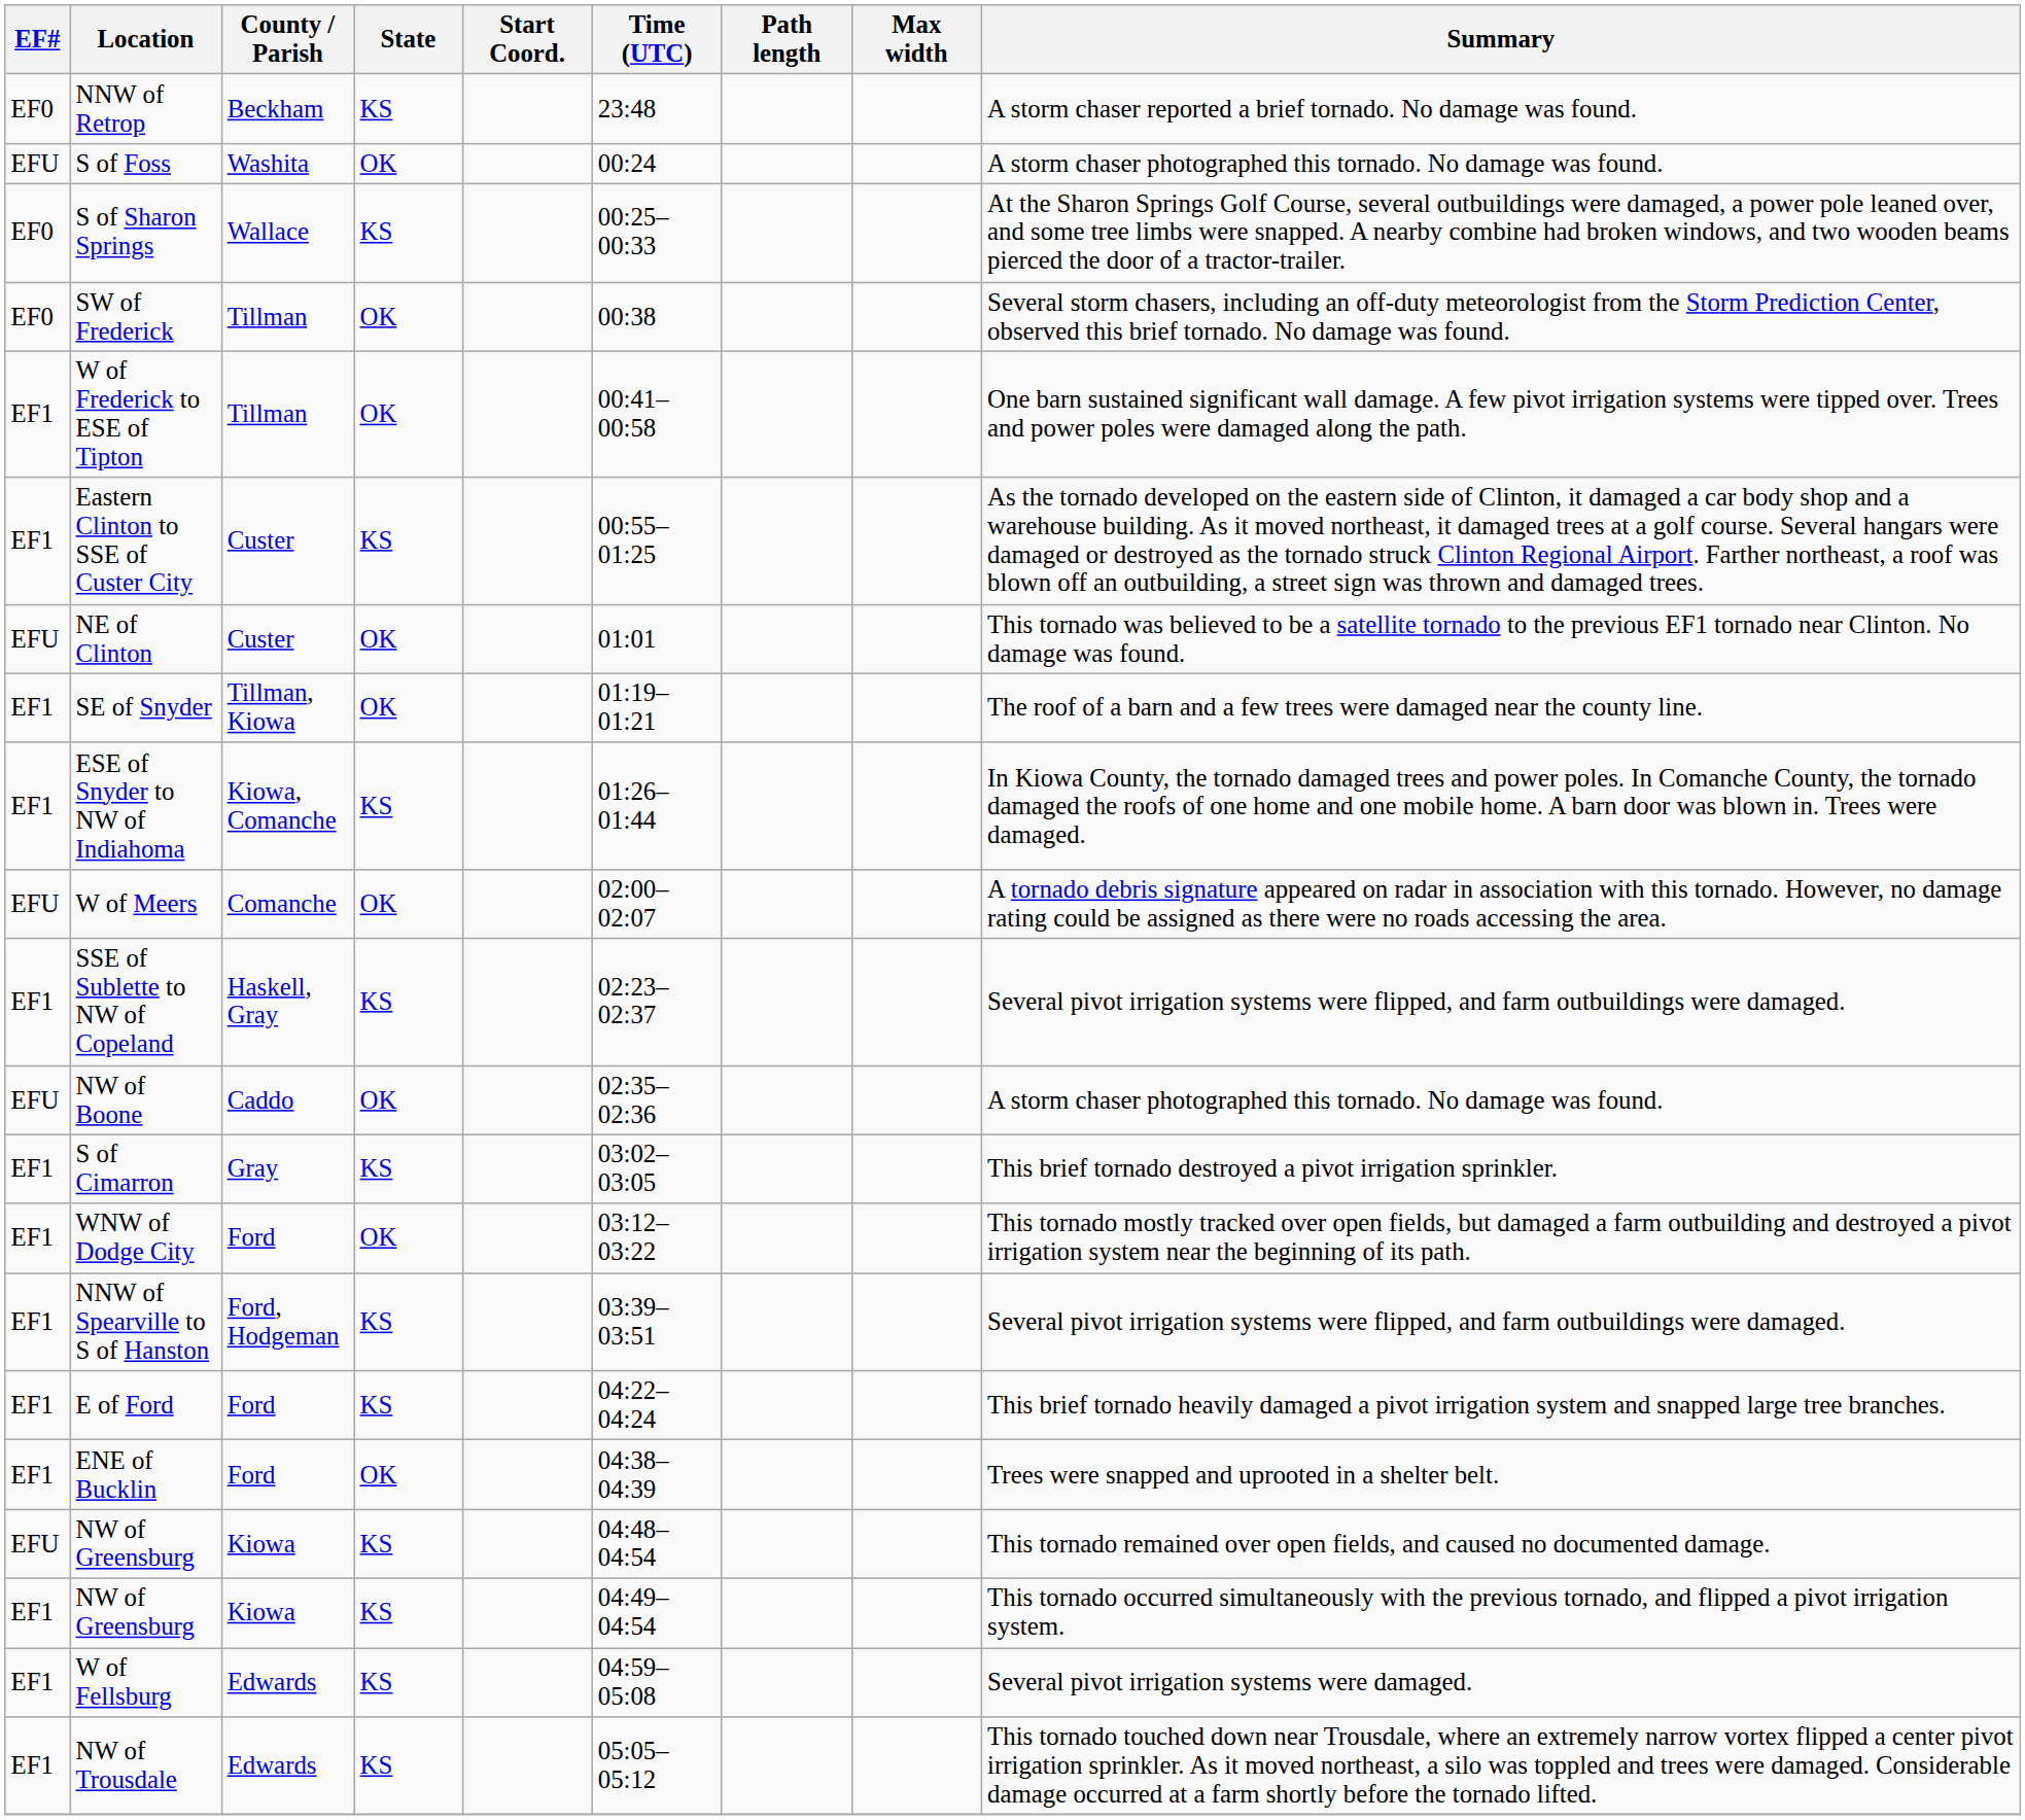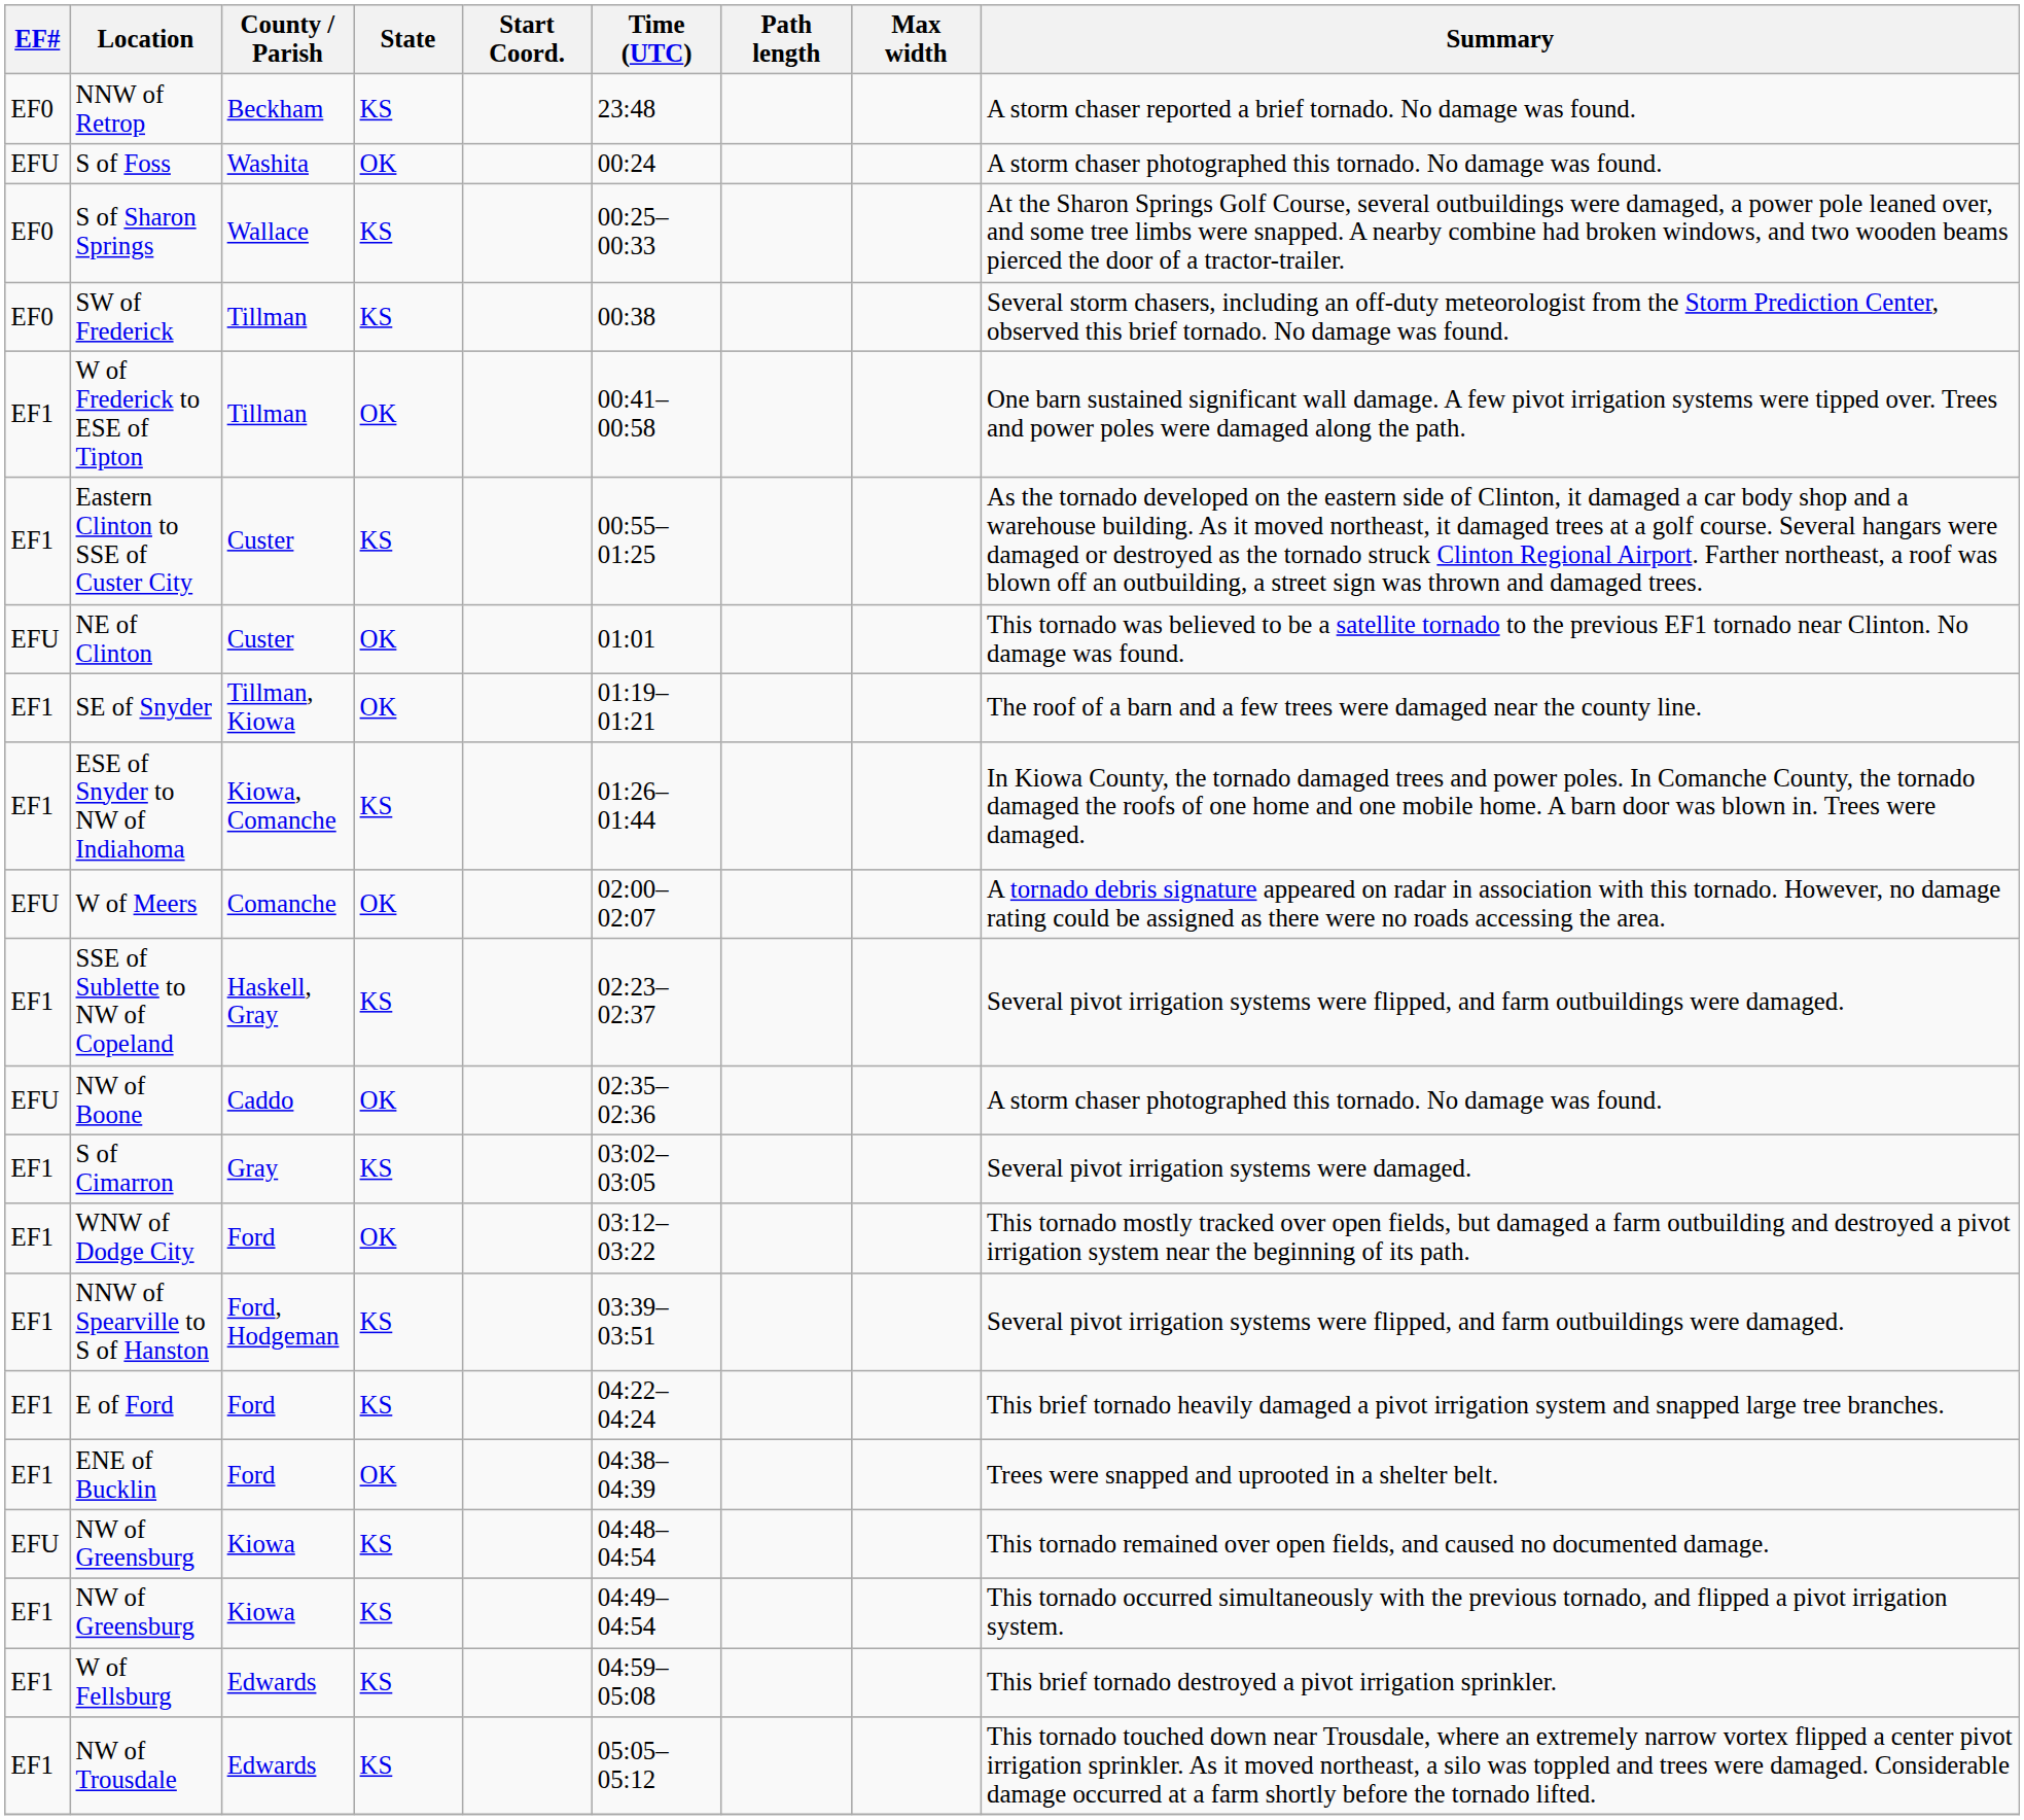 <table class="wikitable sortable" style="width:100%;">
 <tr>
 <th scope="col"  style="width:3%; text-align:center;"><a href='#'>EF#</a></th>
 <th scope="col"  style="width:7%; text-align:center;" class="unsortable">Location</th>
 <th scope="col"  style="width:6%; text-align:center;" class="unsortable">County / Parish</th>
 <th scope="col"  style="width:5%; text-align:center;">State</th>
 <th scope="col"  style="width:6%; text-align:center;">Start Coord.</th>
 <th scope="col"  style="width:6%; text-align:center;">Time (<a href='#'>UTC</a>)</th>
 <th scope="col"  style="width:6%; text-align:center;">Path length</th>
 <th scope="col"  style="width:6%; text-align:center;">Max width</th>
 <th scope="col" class="unsortable" style="width:48%; text-align:center;">Summary</th>
 </tr>
 <tr>
 <td>EF0</td>
 <td>NNW of <a href='#'>Retrop</a></td>
 <td><a href='#'>Beckham</a></td>
 <td><a href='#'>KS</a></td>
 <td></td>
 <td>23:48</td>
 <td></td>
 <td></td>
 <td>A storm chaser reported a brief tornado. No damage was found.</td>
 </tr>
 <tr>
 <td>EFU</td>
 <td>S of <a href='#'>Foss</a></td>
 <td><a href='#'>Washita</a></td>
 <td><a href='#'>OK</a></td>
 <td></td>
 <td>00:24</td>
 <td></td>
 <td></td>
 <td>A storm chaser photographed this tornado. No damage was found.</td>
 </tr>
 <tr>
 <td>EF0</td>
 <td>S of <a href='#'>Sharon Springs</a></td>
 <td><a href='#'>Wallace</a></td>
 <td><a href='#'>KS</a></td>
 <td></td>
 <td>00:25–00:33</td>
 <td></td>
 <td></td>
 <td>At the Sharon Springs Golf Course, several outbuildings were damaged, a power pole leaned over, and some tree limbs were snapped. A nearby combine had broken windows, and two wooden beams pierced the door of a tractor-trailer.</td>
 </tr>
 <tr>
 <td>EF0</td>
 <td>SW of <a href='#'>Frederick</a></td>
 <td><a href='#'>Tillman</a></td>
-<td><a href='#'>OK</a></td>
+<td><a href='#'>KS</a></td>
 <td></td>
 <td>00:38</td>
 <td></td>
 <td></td>
 <td>Several storm chasers, including an off-duty meteorologist from the <a href='#'>Storm Prediction Center</a>, observed this brief tornado. No damage was found.</td>
 </tr>
 <tr>
 <td>EF1</td>
 <td>W of <a href='#'>Frederick</a> to ESE of <a href='#'>Tipton</a></td>
 <td><a href='#'>Tillman</a></td>
 <td><a href='#'>OK</a></td>
 <td></td>
 <td>00:41–00:58</td>
 <td></td>
 <td></td>
 <td>One barn sustained significant wall damage. A few pivot irrigation systems were tipped over. Trees and power poles were damaged along the path.</td>
 </tr>
 <tr>
 <td>EF1</td>
 <td>Eastern <a href='#'>Clinton</a> to SSE of <a href='#'>Custer City</a></td>
 <td><a href='#'>Custer</a></td>
 <td><a href='#'>KS</a></td>
 <td></td>
 <td>00:55–01:25</td>
 <td></td>
 <td></td>
 <td>As the tornado developed on the eastern side of Clinton, it damaged a car body shop and a warehouse building. As it moved northeast, it damaged trees at a golf course. Several hangars were damaged or destroyed as the tornado struck <a href='#'>Clinton Regional Airport</a>. Farther northeast, a roof was blown off an outbuilding, a street sign was thrown  and damaged trees.</td>
 </tr>
 <tr>
 <td>EFU</td>
 <td>NE of <a href='#'>Clinton</a></td>
 <td><a href='#'>Custer</a></td>
 <td><a href='#'>OK</a></td>
 <td></td>
 <td>01:01</td>
 <td></td>
 <td></td>
 <td>This tornado was believed to be a <a href='#'>satellite tornado</a> to the previous EF1 tornado near Clinton. No damage was found.</td>
 </tr>
 <tr>
 <td>EF1</td>
 <td>SE of <a href='#'>Snyder</a></td>
 <td><a href='#'>Tillman</a>, <a href='#'>Kiowa</a></td>
 <td><a href='#'>OK</a></td>
 <td></td>
 <td>01:19–01:21</td>
 <td></td>
 <td></td>
 <td>The roof of a barn and a few trees were damaged near the county line.</td>
 </tr>
 <tr>
 <td>EF1</td>
 <td>ESE of <a href='#'>Snyder</a> to NW of <a href='#'>Indiahoma</a></td>
 <td><a href='#'>Kiowa</a>, <a href='#'>Comanche</a></td>
 <td><a href='#'>KS</a></td>
 <td></td>
 <td>01:26–01:44</td>
 <td></td>
 <td></td>
 <td>In Kiowa County, the tornado damaged trees and power poles. In Comanche County, the tornado damaged the roofs of one home and one mobile home. A barn door was blown in. Trees were damaged.</td>
 </tr>
 <tr>
 <td>EFU</td>
 <td>W of <a href='#'>Meers</a></td>
 <td><a href='#'>Comanche</a></td>
 <td><a href='#'>OK</a></td>
 <td></td>
 <td>02:00–02:07</td>
 <td></td>
 <td></td>
 <td>A <a href='#'>tornado debris signature</a> appeared on radar in association with this tornado. However, no damage rating could be assigned as there were no roads accessing the area.</td>
 </tr>
 <tr>
 <td>EF1</td>
 <td>SSE of <a href='#'>Sublette</a> to NW of <a href='#'>Copeland</a></td>
 <td><a href='#'>Haskell</a>, <a href='#'>Gray</a></td>
 <td><a href='#'>KS</a></td>
 <td></td>
 <td>02:23–02:37</td>
 <td></td>
 <td></td>
 <td>Several pivot irrigation systems were flipped, and farm outbuildings were damaged.</td>
 </tr>
 <tr>
 <td>EFU</td>
 <td>NW of <a href='#'>Boone</a></td>
 <td><a href='#'>Caddo</a></td>
 <td><a href='#'>OK</a></td>
 <td></td>
 <td>02:35–02:36</td>
 <td></td>
 <td></td>
 <td>A storm chaser photographed this tornado. No damage was found.</td>
 </tr>
 <tr>
 <td>EF1</td>
 <td>S of <a href='#'>Cimarron</a></td>
 <td><a href='#'>Gray</a></td>
 <td><a href='#'>KS</a></td>
 <td></td>
 <td>03:02–03:05</td>
 <td></td>
 <td></td>
-<td>This brief tornado destroyed a pivot irrigation sprinkler.</td>
+<td>Several pivot irrigation systems were damaged.</td>
 </tr>
 <tr>
 <td>EF1</td>
 <td>WNW of <a href='#'>Dodge City</a></td>
 <td><a href='#'>Ford</a></td>
 <td><a href='#'>OK</a></td>
 <td></td>
 <td>03:12–03:22</td>
 <td></td>
 <td></td>
 <td>This tornado mostly tracked over open fields, but damaged a farm outbuilding and destroyed a pivot irrigation system near the beginning of its path.</td>
 </tr>
 <tr>
 <td>EF1</td>
 <td>NNW of <a href='#'>Spearville</a> to S of <a href='#'>Hanston</a></td>
 <td><a href='#'>Ford</a>, <a href='#'>Hodgeman</a></td>
 <td><a href='#'>KS</a></td>
 <td></td>
 <td>03:39–03:51</td>
 <td></td>
 <td></td>
 <td>Several pivot irrigation systems were flipped, and farm outbuildings were damaged.</td>
 </tr>
 <tr>
 <td>EF1</td>
 <td>E of <a href='#'>Ford</a></td>
 <td><a href='#'>Ford</a></td>
 <td><a href='#'>KS</a></td>
 <td></td>
 <td>04:22–04:24</td>
 <td></td>
 <td></td>
 <td>This brief tornado heavily damaged a pivot irrigation system and snapped large tree branches.</td>
 </tr>
 <tr>
 <td>EF1</td>
 <td>ENE of <a href='#'>Bucklin</a></td>
 <td><a href='#'>Ford</a></td>
 <td><a href='#'>OK</a></td>
 <td></td>
 <td>04:38–04:39</td>
 <td></td>
 <td></td>
 <td>Trees were snapped and uprooted in a shelter belt.</td>
 </tr>
 <tr>
 <td>EFU</td>
 <td>NW of <a href='#'>Greensburg</a></td>
 <td><a href='#'>Kiowa</a></td>
 <td><a href='#'>KS</a></td>
 <td></td>
 <td>04:48–04:54</td>
 <td></td>
 <td></td>
 <td>This tornado remained over open fields, and caused no documented damage.</td>
 </tr>
 <tr>
 <td>EF1</td>
 <td>NW of <a href='#'>Greensburg</a></td>
 <td><a href='#'>Kiowa</a></td>
 <td><a href='#'>KS</a></td>
 <td></td>
 <td>04:49–04:54</td>
 <td></td>
 <td></td>
 <td>This tornado occurred simultaneously with the previous tornado, and flipped a pivot irrigation system.</td>
 </tr>
 <tr>
 <td>EF1</td>
 <td>W of <a href='#'>Fellsburg</a></td>
 <td><a href='#'>Edwards</a></td>
 <td><a href='#'>KS</a></td>
 <td></td>
 <td>04:59–05:08</td>
 <td></td>
 <td></td>
-<td>Several pivot irrigation systems were damaged.</td>
+<td>This brief tornado destroyed a pivot irrigation sprinkler.</td>
 </tr>
 <tr>
 <td>EF1</td>
 <td>NW of <a href='#'>Trousdale</a></td>
 <td><a href='#'>Edwards</a></td>
 <td><a href='#'>KS</a></td>
 <td></td>
 <td>05:05–05:12</td>
 <td></td>
 <td></td>
 <td>This tornado touched down near Trousdale, where an extremely narrow vortex flipped a center pivot irrigation sprinkler. As it moved northeast, a silo was toppled and trees were damaged. Considerable damage occurred at a farm shortly before the tornado lifted.</td>
 </tr>
 <tr>
 </tr>
 </table>
